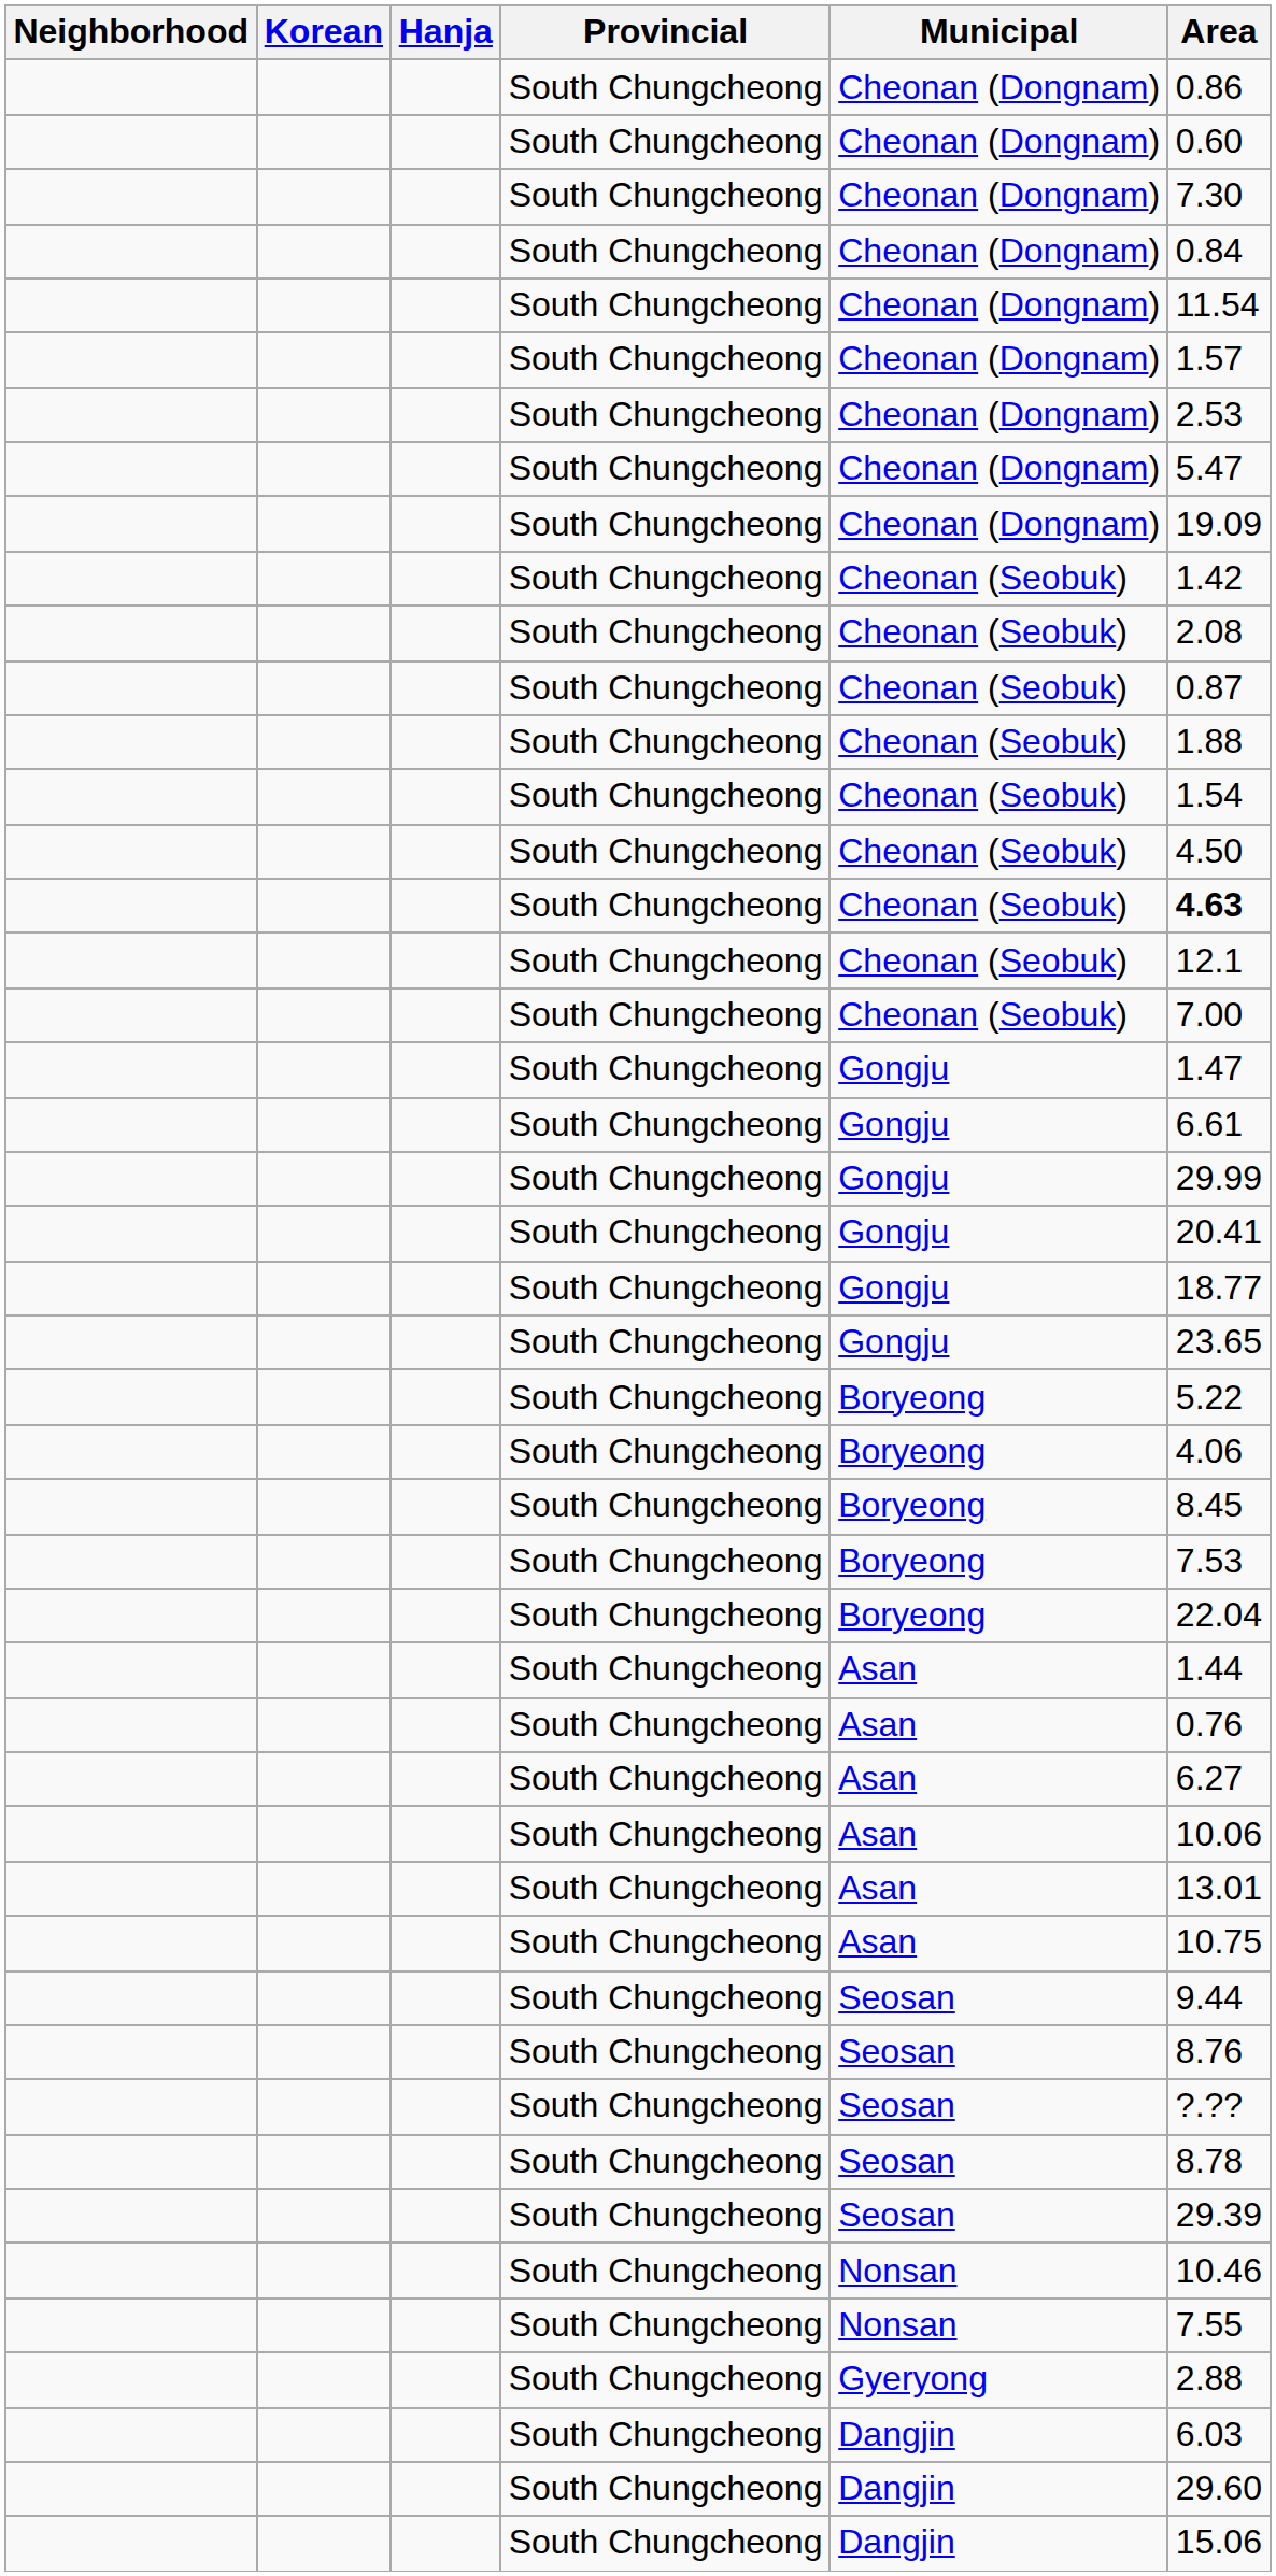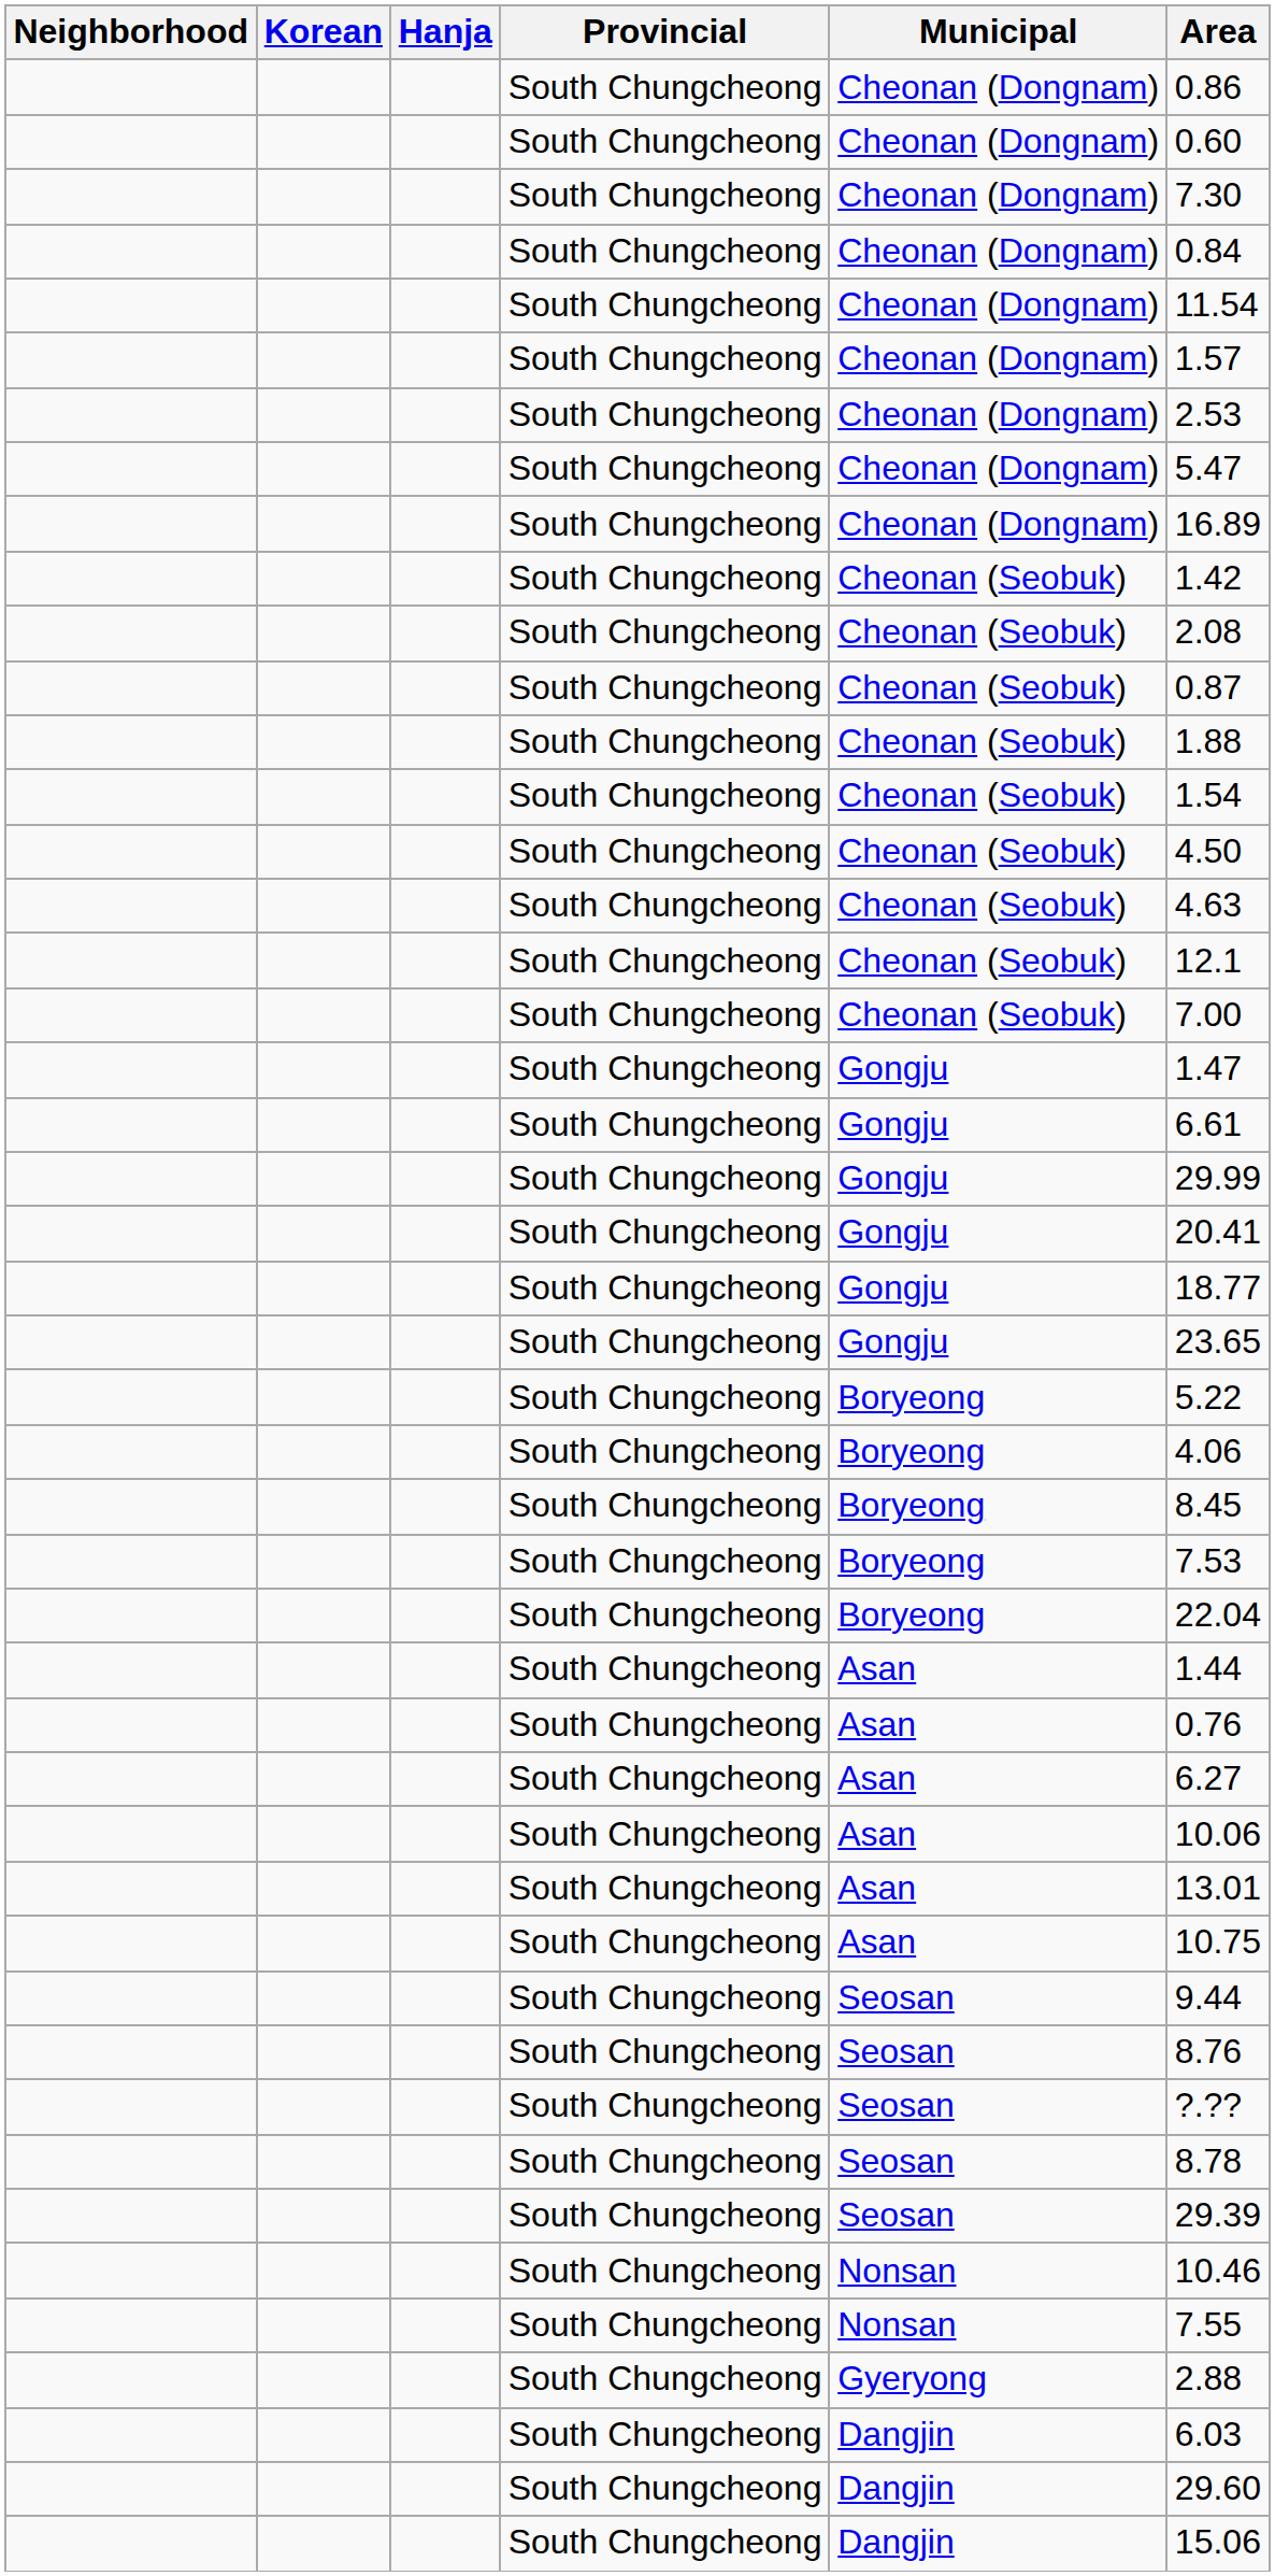 <table class="wikitable sortable">
 <tr>
 <th>Neighborhood</th>
 <th><a href='#'>Korean</a></th>
 <th><a href='#'>Hanja</a></th>
 <th>Provincial</th>
 <th>Municipal</th>
 <th>Area</th>
 </tr>
 <tr>
 <td></td>
 <td><span></span></td>
 <td><span></span></td>
 <td>South Chungcheong</td>
 <td><a href='#'>Cheonan</a> (<a href='#'>Dongnam</a>)</td>
 <td>0.86</td>
 </tr>
 <tr>
 <td></td>
 <td><span></span></td>
 <td><span></span></td>
 <td>South Chungcheong</td>
 <td><a href='#'>Cheonan</a> (<a href='#'>Dongnam</a>)</td>
 <td>0.60</td>
 </tr>
 <tr>
 <td></td>
 <td><span></span></td>
 <td><span></span></td>
 <td>South Chungcheong</td>
 <td><a href='#'>Cheonan</a> (<a href='#'>Dongnam</a>)</td>
 <td>7.30</td>
 </tr>
 <tr>
 <td></td>
 <td><span></span></td>
 <td><span></span></td>
 <td>South Chungcheong</td>
 <td><a href='#'>Cheonan</a> (<a href='#'>Dongnam</a>)</td>
 <td>0.84</td>
 </tr>
 <tr>
 <td></td>
 <td><span></span></td>
 <td><span></span></td>
 <td>South Chungcheong</td>
 <td><a href='#'>Cheonan</a> (<a href='#'>Dongnam</a>)</td>
 <td>11.54</td>
 </tr>
 <tr>
 <td></td>
 <td><span></span></td>
 <td><span></span></td>
 <td>South Chungcheong</td>
 <td><a href='#'>Cheonan</a> (<a href='#'>Dongnam</a>)</td>
 <td>1.57</td>
 </tr>
 <tr>
 <td></td>
 <td><span></span></td>
 <td><span></span></td>
 <td>South Chungcheong</td>
 <td><a href='#'>Cheonan</a> (<a href='#'>Dongnam</a>)</td>
 <td>2.53</td>
 </tr>
 <tr>
 <td></td>
 <td><span></span></td>
 <td><span></span></td>
 <td>South Chungcheong</td>
 <td><a href='#'>Cheonan</a> (<a href='#'>Dongnam</a>)</td>
 <td>5.47</td>
 </tr>
 <tr>
 <td></td>
 <td><span></span></td>
 <td><span></span></td>
 <td>South Chungcheong</td>
 <td><a href='#'>Cheonan</a> (<a href='#'>Dongnam</a>)</td>
-<td>19.09</td>
+<td>16.89</td>
 </tr>
 <tr>
 <td></td>
 <td><span></span></td>
 <td><span></span></td>
 <td>South Chungcheong</td>
 <td><a href='#'>Cheonan</a> (<a href='#'>Seobuk</a>)</td>
 <td>1.42</td>
 </tr>
 <tr>
 <td></td>
 <td><span></span></td>
 <td><span></span></td>
 <td>South Chungcheong</td>
 <td><a href='#'>Cheonan</a> (<a href='#'>Seobuk</a>)</td>
 <td>2.08</td>
 </tr>
 <tr>
 <td></td>
 <td><span></span></td>
 <td><span></span></td>
 <td>South Chungcheong</td>
 <td><a href='#'>Cheonan</a> (<a href='#'>Seobuk</a>)</td>
 <td>0.87</td>
 </tr>
 <tr>
 <td></td>
 <td><span></span></td>
 <td><span></span></td>
 <td>South Chungcheong</td>
 <td><a href='#'>Cheonan</a> (<a href='#'>Seobuk</a>)</td>
 <td>1.88</td>
 </tr>
 <tr>
 <td></td>
 <td><span></span></td>
 <td><span></span></td>
 <td>South Chungcheong</td>
 <td><a href='#'>Cheonan</a> (<a href='#'>Seobuk</a>)</td>
 <td>1.54</td>
 </tr>
 <tr>
 <td></td>
 <td><span></span></td>
 <td><span></span></td>
 <td>South Chungcheong</td>
 <td><a href='#'>Cheonan</a> (<a href='#'>Seobuk</a>)</td>
 <td>4.50</td>
 </tr>
 <tr>
 <td></td>
 <td><span></span></td>
 <td><span></span></td>
 <td>South Chungcheong</td>
 <td><a href='#'>Cheonan</a> (<a href='#'>Seobuk</a>)</td>
-<td><strong>4.63</strong></td>
+<td>4.63</td>
 </tr>
 <tr>
 <td></td>
 <td><span></span></td>
 <td><span></span></td>
 <td>South Chungcheong</td>
 <td><a href='#'>Cheonan</a> (<a href='#'>Seobuk</a>)</td>
 <td>12.1</td>
 </tr>
 <tr>
 <td></td>
 <td><span></span></td>
 <td><span></span></td>
 <td>South Chungcheong</td>
 <td><a href='#'>Cheonan</a> (<a href='#'>Seobuk</a>)</td>
 <td>7.00</td>
 </tr>
 <tr>
 <td></td>
 <td><span></span></td>
 <td><span></span></td>
 <td>South Chungcheong</td>
 <td><a href='#'>Gongju</a></td>
 <td>1.47</td>
 </tr>
 <tr>
 <td></td>
 <td><span></span></td>
 <td><span></span></td>
 <td>South Chungcheong</td>
 <td><a href='#'>Gongju</a></td>
 <td>6.61</td>
 </tr>
 <tr>
 <td></td>
 <td><span></span></td>
 <td><span></span></td>
 <td>South Chungcheong</td>
 <td><a href='#'>Gongju</a></td>
 <td>29.99</td>
 </tr>
 <tr>
 <td></td>
 <td><span></span></td>
 <td><span></span></td>
 <td>South Chungcheong</td>
 <td><a href='#'>Gongju</a></td>
 <td>20.41</td>
 </tr>
 <tr>
 <td></td>
 <td><span></span></td>
 <td><span></span></td>
 <td>South Chungcheong</td>
 <td><a href='#'>Gongju</a></td>
 <td>18.77</td>
 </tr>
 <tr>
 <td></td>
 <td><span></span></td>
 <td><span></span></td>
 <td>South Chungcheong</td>
 <td><a href='#'>Gongju</a></td>
 <td>23.65</td>
 </tr>
 <tr>
 <td></td>
 <td><span></span></td>
 <td><span></span></td>
 <td>South Chungcheong</td>
 <td><a href='#'>Boryeong</a></td>
 <td>5.22</td>
 </tr>
 <tr>
 <td></td>
 <td><span></span></td>
 <td><span></span></td>
 <td>South Chungcheong</td>
 <td><a href='#'>Boryeong</a></td>
 <td>4.06</td>
 </tr>
 <tr>
 <td></td>
 <td><span></span></td>
 <td><span></span></td>
 <td>South Chungcheong</td>
 <td><a href='#'>Boryeong</a></td>
 <td>8.45</td>
 </tr>
 <tr>
 <td></td>
 <td><span></span></td>
 <td><span></span></td>
 <td>South Chungcheong</td>
 <td><a href='#'>Boryeong</a></td>
 <td>7.53</td>
 </tr>
 <tr>
 <td></td>
 <td><span></span></td>
 <td><span></span></td>
 <td>South Chungcheong</td>
 <td><a href='#'>Boryeong</a></td>
 <td>22.04</td>
 </tr>
 <tr>
 <td></td>
 <td><span></span></td>
 <td><span></span></td>
 <td>South Chungcheong</td>
 <td><a href='#'>Asan</a></td>
 <td>1.44</td>
 </tr>
 <tr>
 <td></td>
 <td><span></span></td>
 <td><span></span></td>
 <td>South Chungcheong</td>
 <td><a href='#'>Asan</a></td>
 <td>0.76</td>
 </tr>
 <tr>
 <td></td>
 <td><span></span></td>
 <td><span></span></td>
 <td>South Chungcheong</td>
 <td><a href='#'>Asan</a></td>
 <td>6.27</td>
 </tr>
 <tr>
 <td></td>
 <td><span></span></td>
 <td><span></span></td>
 <td>South Chungcheong</td>
 <td><a href='#'>Asan</a></td>
 <td>10.06</td>
 </tr>
 <tr>
 <td></td>
 <td><span></span></td>
 <td><span></span></td>
 <td>South Chungcheong</td>
 <td><a href='#'>Asan</a></td>
 <td>13.01</td>
 </tr>
 <tr>
 <td></td>
 <td><span></span></td>
 <td><span></span></td>
 <td>South Chungcheong</td>
 <td><a href='#'>Asan</a></td>
 <td>10.75</td>
 </tr>
 <tr>
 <td></td>
 <td><span></span></td>
 <td><span></span></td>
 <td>South Chungcheong</td>
 <td><a href='#'>Seosan</a></td>
 <td>9.44</td>
 </tr>
 <tr>
 <td></td>
 <td><span></span></td>
 <td><span></span></td>
 <td>South Chungcheong</td>
 <td><a href='#'>Seosan</a></td>
 <td>8.76</td>
 </tr>
 <tr>
 <td></td>
 <td><span></span></td>
 <td><span></span></td>
 <td>South Chungcheong</td>
 <td><a href='#'>Seosan</a></td>
 <td>?.??</td>
 </tr>
 <tr>
 <td></td>
 <td><span></span></td>
 <td><span></span></td>
 <td>South Chungcheong</td>
 <td><a href='#'>Seosan</a></td>
 <td>8.78</td>
 </tr>
 <tr>
 <td></td>
 <td><span></span></td>
 <td><span></span></td>
 <td>South Chungcheong</td>
 <td><a href='#'>Seosan</a></td>
 <td>29.39</td>
 </tr>
 <tr>
 <td></td>
 <td><span></span></td>
 <td><span></span></td>
 <td>South Chungcheong</td>
 <td><a href='#'>Nonsan</a></td>
 <td>10.46</td>
 </tr>
 <tr>
 <td></td>
 <td><span></span></td>
 <td><span></span></td>
 <td>South Chungcheong</td>
 <td><a href='#'>Nonsan</a></td>
 <td>7.55</td>
 </tr>
 <tr>
 <td></td>
 <td><span></span></td>
 <td><span></span></td>
 <td>South Chungcheong</td>
 <td><a href='#'>Gyeryong</a></td>
 <td>2.88</td>
 </tr>
 <tr>
 <td></td>
 <td><span></span></td>
 <td><span></span></td>
 <td>South Chungcheong</td>
 <td><a href='#'>Dangjin</a></td>
 <td>6.03</td>
 </tr>
 <tr>
 <td></td>
 <td><span></span></td>
 <td><span></span></td>
 <td>South Chungcheong</td>
 <td><a href='#'>Dangjin</a></td>
 <td>29.60</td>
 </tr>
 <tr>
 <td></td>
 <td><span></span></td>
 <td><span></span></td>
 <td>South Chungcheong</td>
 <td><a href='#'>Dangjin</a></td>
 <td>15.06</td>
 </tr>
 </table>
